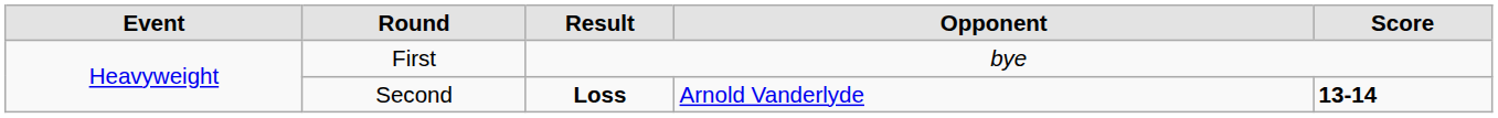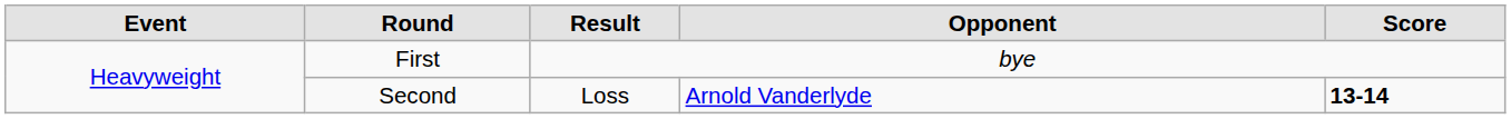 <table style='font-size: 85%; text-align: left;' class='wikitable' width='45%'>
 <tr>
 <th style='border-style: none none solid solid; background: #e3e3e3; width: 20%'><strong>Event</strong></th>
 <th style='border-style: none none solid solid; background: #e3e3e3; width: 15%'><strong>Round</strong></th>
 <th style='border-style: none none solid solid; background: #e3e3e3; width: 10%'><strong>Result</strong></th>
 <th style='border-style: none none solid solid; background: #e3e3e3; width: 43%'><strong>Opponent</strong></th>
 <th style='border-style: none none solid solid; background: #e3e3e3; width: 12%'><strong>Score</strong></th>
 </tr>
 <tr align=center>
 <td rowspan="2" style="text-align:center;"><a href='#'>Heavyweight</a></td>
 <td align='center'>First</td>
 <td colspan="3" style="text-align:center;"><em>bye</em></td>
 </tr>
 <tr align=center>
 <td align='center'>Second</td>
-<td><strong>Loss</strong></td>
+<td>Loss</td>
 <td align='left'> <a href='#'>Arnold Vanderlyde</a></td>
 <td align='left'><strong>13-14</strong></td>
 </tr>
 </table>
